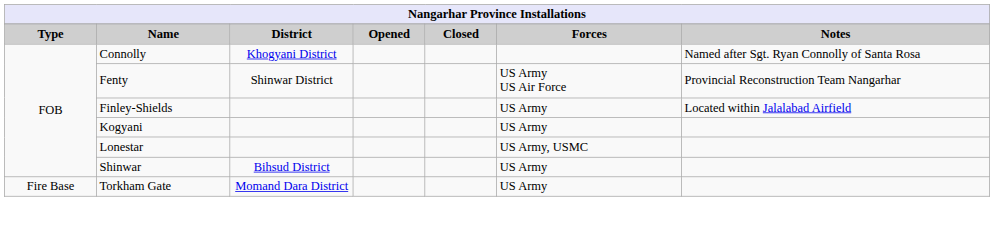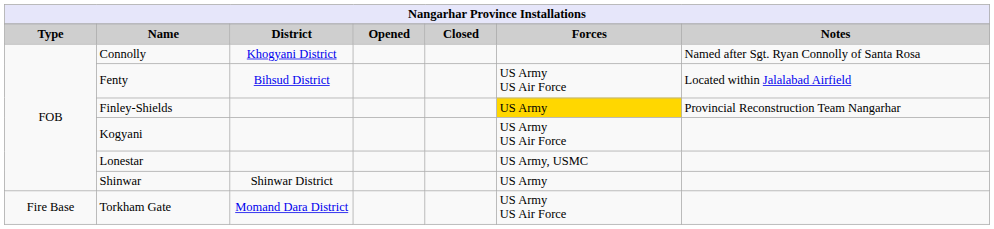 <table class="wikitable sortable" width="100%">
 <tr>
 <th style="align: center; background: lavender" colspan="7"><strong>Nangarhar Province Installations</strong></th>
 </tr>
 <tr style="background:#efefef; color:black">
 </tr>
 <tr>
 <th style="background-color:#cfcfcf;" align="center" width="9%" align="center">Type</th>
 <th style="background-color:#cfcfcf;" align="center" width="13%">Name</th>
 <th style="background-color:#cfcfcf;" align="center" width="12%">District</th>
 <th style="background-color:#cfcfcf;" align="center" width="7%">Opened</th>
 <th style="background-color:#cfcfcf;" align="center" width="7%">Closed</th>
 <th style="background-color:#cfcfcf;" align="center" width="18%" class="unsortable">Forces</th>
 <th style="background-color:#cfcfcf;" align="center" width="30%" class="unsortable">Notes</th>
 </tr>
 <tr>
 <td rowspan="6" align="center">FOB</td>
 <td>Connolly</td>
 <td align="center"><a href='#'>Khogyani District</a></td>
 <td align="center"> </td>
 <td align="center"></td>
 <td></td>
 <td>Named after Sgt. Ryan Connolly of Santa Rosa</td>
 </tr>
 <tr>
 <td>Fenty</td>
-<td align="center">Shinwar District</td>
+<td align="center"><a href='#'>Bihsud District</a></td>
 <td align="center"></td>
 <td align="center"> </td>
 <td> US Army<br> US Air Force</td>
-<td>Provincial Reconstruction Team Nangarhar</td>
+<td>Located within <a href='#'>Jalalabad Airfield</a></td>
 </tr>
 <tr>
 <td>Finley-Shields</td>
 <td align="center"></td>
 <td align="center"> </td>
 <td align="center"> </td>
-<td> US Army</td>
-<td>Located within <a href='#'>Jalalabad Airfield</a></td>
+<td style="background: gold;"> US Army</td>
+<td>Provincial Reconstruction Team Nangarhar</td>
 </tr>
 <tr>
 <td>Kogyani</td>
 <td align="center"></td>
 <td align="center"> </td>
 <td align="center"> </td>
-<td> US Army</td>
+<td> US Army<br> US Air Force</td>
 <td></td>
 </tr>
 <tr>
 <td>Lonestar</td>
 <td align="center"></td>
 <td align="center"></td>
 <td align="center"></td>
 <td> US Army, USMC</td>
 <td></td>
 </tr>
 <tr>
 <td>Shinwar</td>
-<td align="center"><a href='#'>Bihsud District</a></td>
+<td align="center">Shinwar District</td>
 <td align="center"> </td>
 <td align="center"> </td>
 <td> US Army</td>
 <td></td>
 </tr>
 <tr>
 <td align="center">Fire Base</td>
 <td>Torkham Gate</td>
 <td align="center"><a href='#'>Momand Dara District</a></td>
 <td align="center"></td>
 <td align="center"> </td>
-<td> US Army</td>
+<td> US Army<br> US Air Force</td>
 <td></td>
 </tr>
 </table>
